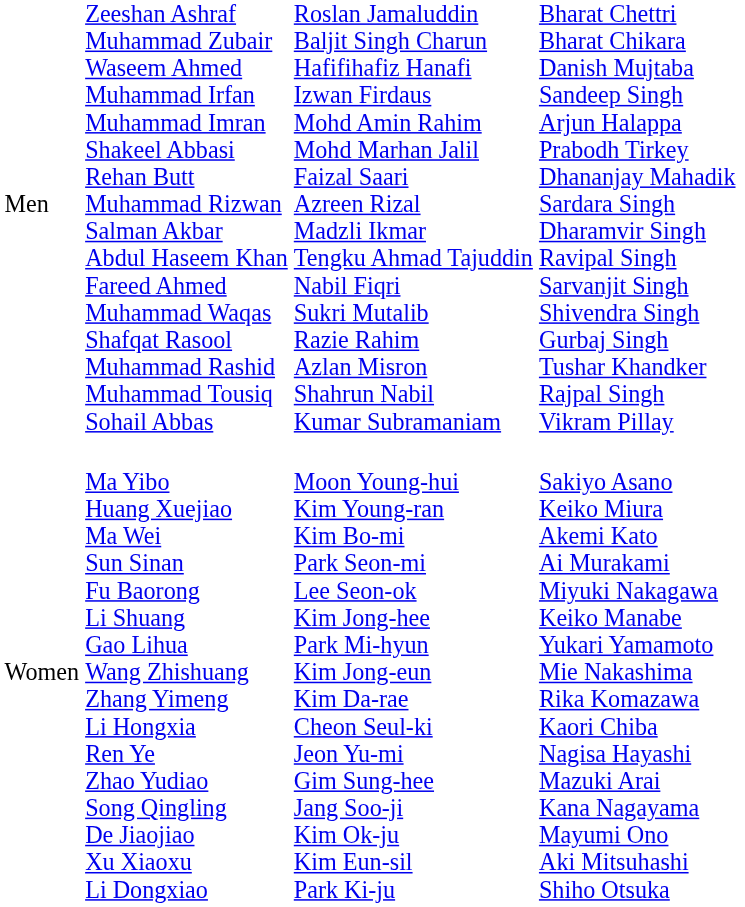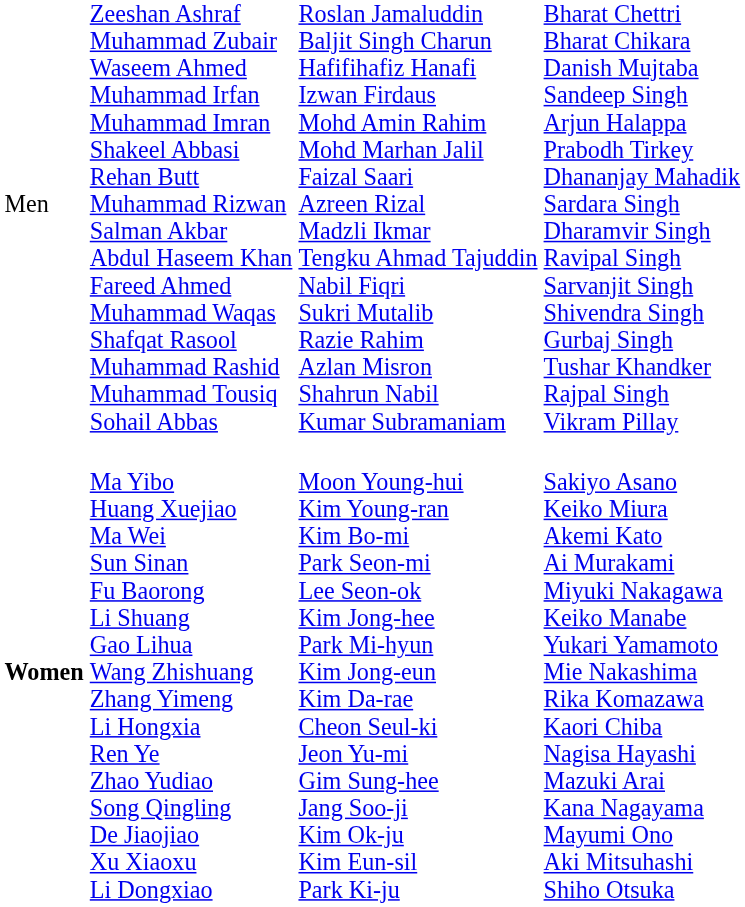 <table>
 <tr>
 <td>Men<br></td>
 <td><br><a href='#'>Zeeshan Ashraf</a><br><a href='#'>Muhammad Zubair</a><br><a href='#'>Waseem Ahmed</a><br><a href='#'>Muhammad Irfan</a><br><a href='#'>Muhammad Imran</a><br><a href='#'>Shakeel Abbasi</a><br><a href='#'>Rehan Butt</a><br><a href='#'>Muhammad Rizwan</a><br><a href='#'>Salman Akbar</a><br><a href='#'>Abdul Haseem Khan</a><br><a href='#'>Fareed Ahmed</a><br><a href='#'>Muhammad Waqas</a><br><a href='#'>Shafqat Rasool</a><br><a href='#'>Muhammad Rashid</a><br><a href='#'>Muhammad Tousiq</a><br><a href='#'>Sohail Abbas</a></td>
 <td><br><a href='#'>Roslan Jamaluddin</a><br><a href='#'>Baljit Singh Charun</a><br><a href='#'>Hafifihafiz Hanafi</a><br><a href='#'>Izwan Firdaus</a><br><a href='#'>Mohd Amin Rahim</a><br><a href='#'>Mohd Marhan Jalil</a><br><a href='#'>Faizal Saari</a><br><a href='#'>Azreen Rizal</a><br><a href='#'>Madzli Ikmar</a><br><a href='#'>Tengku Ahmad Tajuddin</a><br><a href='#'>Nabil Fiqri</a><br><a href='#'>Sukri Mutalib</a><br><a href='#'>Razie Rahim</a><br><a href='#'>Azlan Misron</a><br><a href='#'>Shahrun Nabil</a><br><a href='#'>Kumar Subramaniam</a></td>
 <td><br><a href='#'>Bharat Chettri</a><br><a href='#'>Bharat Chikara</a><br><a href='#'>Danish Mujtaba</a><br><a href='#'>Sandeep Singh</a><br><a href='#'>Arjun Halappa</a><br><a href='#'>Prabodh Tirkey</a><br><a href='#'>Dhananjay Mahadik</a><br><a href='#'>Sardara Singh</a><br><a href='#'>Dharamvir Singh</a><br><a href='#'>Ravipal Singh</a><br><a href='#'>Sarvanjit Singh</a><br><a href='#'>Shivendra Singh</a><br><a href='#'>Gurbaj Singh</a><br><a href='#'>Tushar Khandker</a><br><a href='#'>Rajpal Singh</a><br><a href='#'>Vikram Pillay</a></td>
 </tr>
 <tr>
-<td>Women<br></td>
+<td><strong>Women<br></strong></td>
 <td><br><a href='#'>Ma Yibo</a><br><a href='#'>Huang Xuejiao</a><br><a href='#'>Ma Wei</a><br><a href='#'>Sun Sinan</a><br><a href='#'>Fu Baorong</a><br><a href='#'>Li Shuang</a><br><a href='#'>Gao Lihua</a><br><a href='#'>Wang Zhishuang</a><br><a href='#'>Zhang Yimeng</a><br><a href='#'>Li Hongxia</a><br><a href='#'>Ren Ye</a><br><a href='#'>Zhao Yudiao</a><br><a href='#'>Song Qingling</a><br><a href='#'>De Jiaojiao</a><br><a href='#'>Xu Xiaoxu</a><br><a href='#'>Li Dongxiao</a></td>
 <td><br><a href='#'>Moon Young-hui</a><br><a href='#'>Kim Young-ran</a><br><a href='#'>Kim Bo-mi</a><br><a href='#'>Park Seon-mi</a><br><a href='#'>Lee Seon-ok</a><br><a href='#'>Kim Jong-hee</a><br><a href='#'>Park Mi-hyun</a><br><a href='#'>Kim Jong-eun</a><br><a href='#'>Kim Da-rae</a><br><a href='#'>Cheon Seul-ki</a><br><a href='#'>Jeon Yu-mi</a><br><a href='#'>Gim Sung-hee</a><br><a href='#'>Jang Soo-ji</a><br><a href='#'>Kim Ok-ju</a><br><a href='#'>Kim Eun-sil</a><br><a href='#'>Park Ki-ju</a></td>
 <td><br><a href='#'>Sakiyo Asano</a><br><a href='#'>Keiko Miura</a><br><a href='#'>Akemi Kato</a><br><a href='#'>Ai Murakami</a><br><a href='#'>Miyuki Nakagawa</a><br><a href='#'>Keiko Manabe</a><br><a href='#'>Yukari Yamamoto</a><br><a href='#'>Mie Nakashima</a><br><a href='#'>Rika Komazawa</a><br><a href='#'>Kaori Chiba</a><br><a href='#'>Nagisa Hayashi</a><br><a href='#'>Mazuki Arai</a><br><a href='#'>Kana Nagayama</a><br><a href='#'>Mayumi Ono</a><br><a href='#'>Aki Mitsuhashi</a><br><a href='#'>Shiho Otsuka</a></td>
 </tr>
 </table>
